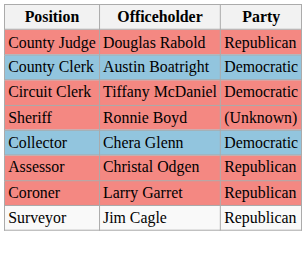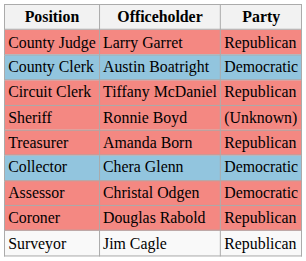 <table class="wikitable mw-collapsible">
 <tr>
 <th>Position</th>
 <th>Officeholder</th>
 <th>Party</th>
 </tr>
 <tr style="background-color:#F48882;">
 <td>County Judge</td>
-<td>Douglas Rabold</td>
+<td>Larry Garret</td>
 <td>Republican</td>
 </tr>
 <tr style="background-color:#92C5DE;">
 <td>County Clerk</td>
 <td>Austin Boatright</td>
 <td>Democratic</td>
 </tr>
 <tr style="background-color:#F48882;">
 <td>Circuit Clerk</td>
 <td>Tiffany McDaniel</td>
-<td>Democratic</td>
+<td>Republican</td>
 </tr>
 <tr style="background-color:#F48882;">
 <td>Sheriff</td>
 <td>Ronnie Boyd</td>
 <td>(Unknown)</td>
+</tr>
+<tr style="background-color:#F48882;">
+<td>Treasurer</td>
+<td>Amanda Born</td>
+<td>Republican</td>
 </tr>
 <tr style="background-color:#92C5DE;">
 <td>Collector</td>
 <td>Chera Glenn</td>
 <td>Democratic</td>
 </tr>
 <tr style="background-color:#F48882;">
 <td>Assessor</td>
 <td>Christal Odgen</td>
-<td>Republican</td>
+<td>Democratic</td>
 </tr>
 <tr style="background-color:#F48882;">
 <td>Coroner</td>
-<td>Larry Garret</td>
+<td>Douglas Rabold</td>
 <td>Republican</td>
 </tr>
 <tr>
 <td>Surveyor</td>
 <td>Jim Cagle</td>
 <td>Republican</td>
 </tr>
 </table>
